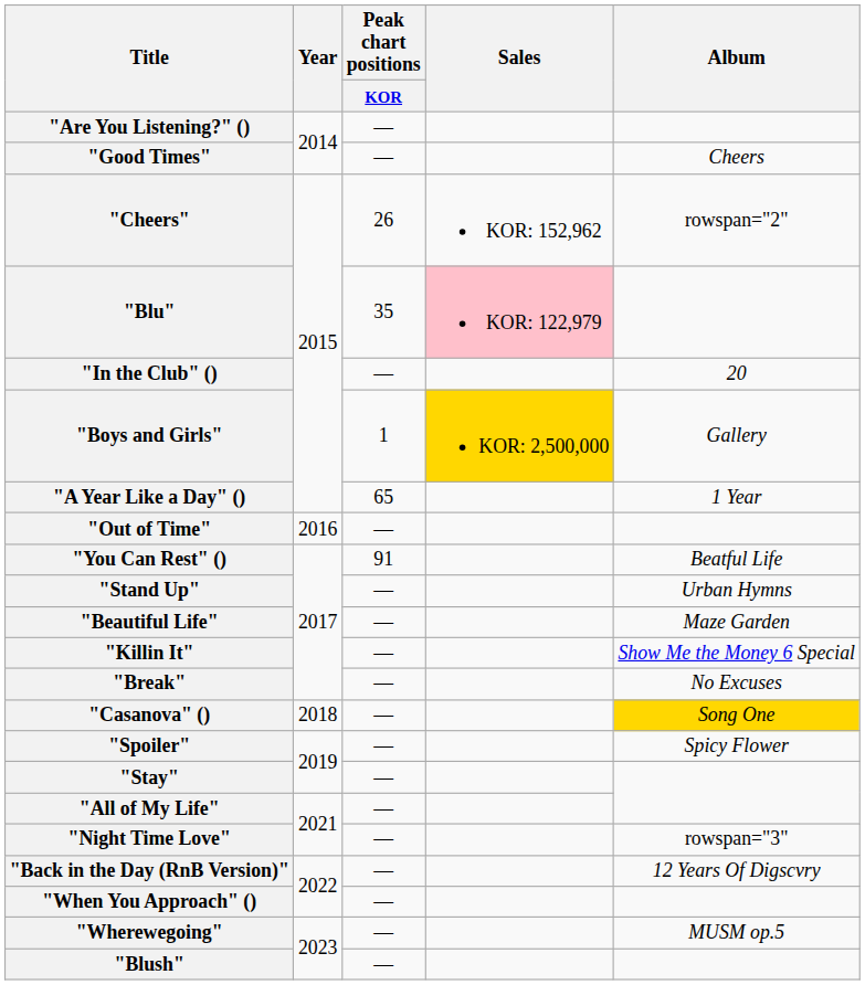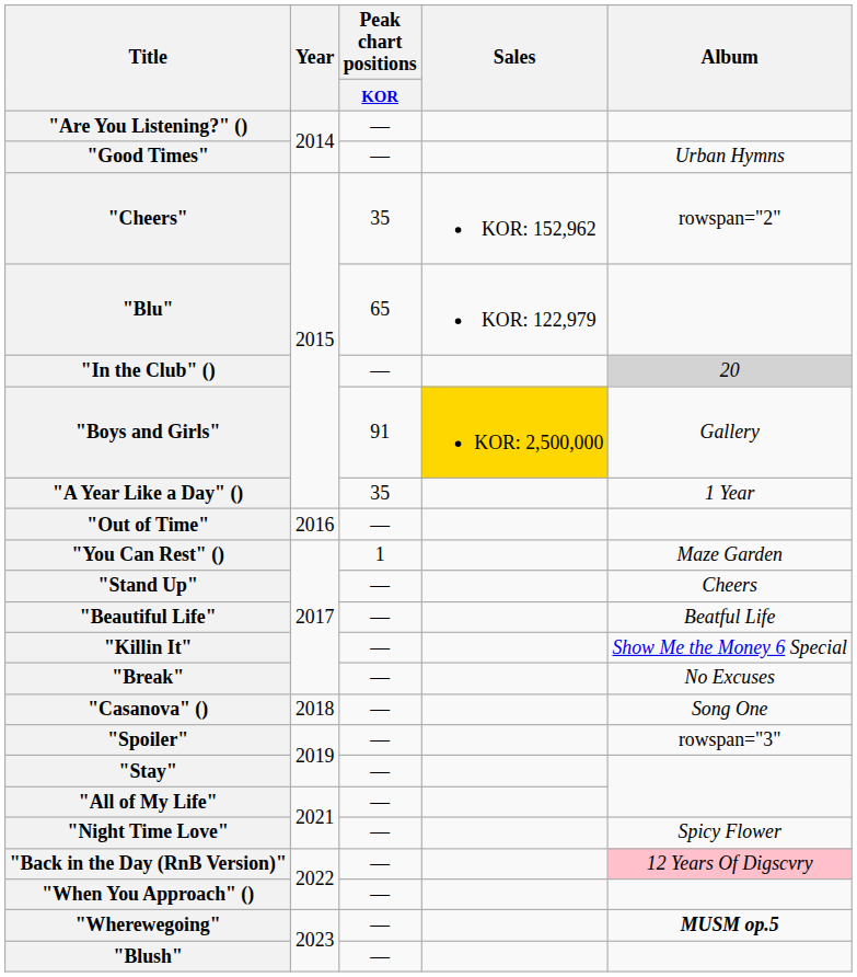 <table class="wikitable plainrowheaders" style="text-align:center;">
 <tr>
 <th scope="col" rowspan="2">Title</th>
 <th scope="col" rowspan="2">Year</th>
 <th scope="col" style="width:3em;">Peak chart positions</th>
 <th scope="col" rowspan="2">Sales</th>
 <th scope="col" rowspan="2">Album</th>
 </tr>
 <tr>
 <th><small><a href='#'>KOR</a></small><br></th>
 </tr>
 <tr>
 <th scope="row">"Are You Listening?" ()<br></th>
 <td rowspan="2">2014</td>
 <td>—</td>
 <td></td>
 <td></td>
 </tr>
 <tr>
 <th scope="row">"Good Times"<br></th>
 <td>—</td>
 <td></td>
-<td><em>Cheers</em></td>
+<td><em>Urban Hymns</em></td>
 </tr>
 <tr>
 <th scope="row">"Cheers"<br></th>
 <td rowspan="5">2015</td>
-<td>26</td>
+<td>35</td>
 <td><br><ul><li>KOR: 152,962</li></ul></td>
 <td>rowspan="2" </td>
 </tr>
 <tr>
 <th scope="row">"Blu"<br></th>
-<td>35</td>
-<td style="background: pink;"><br><ul><li>KOR: 122,979</li></ul></td>
+<td>65</td>
+<td><br><ul><li>KOR: 122,979</li></ul></td>
 </tr>
 <tr>
 <th scope="row">"In the Club" ()<br></th>
 <td>—</td>
 <td></td>
-<td><em>20</em></td>
+<td style="background: lightgrey;"><em>20</em></td>
 </tr>
 <tr>
 <th scope="row">"Boys and Girls"<br></th>
-<td>1</td>
+<td>91</td>
 <td style="background: gold;"><br><ul><li>KOR: 2,500,000</li></ul></td>
 <td><em>Gallery</em></td>
 </tr>
 <tr>
 <th scope="row">"A Year Like a Day" ()<br></th>
-<td>65</td>
+<td>35</td>
 <td></td>
 <td><em>1 Year</em></td>
 </tr>
 <tr>
 <th scope="row">"Out of Time"<br></th>
 <td>2016</td>
 <td>—</td>
 <td></td>
 <td></td>
 </tr>
 <tr>
 <th scope="row">"You Can Rest" ()<br></th>
 <td rowspan="5">2017</td>
-<td>91</td>
+<td>1</td>
 <td></td>
-<td><em>Beatful Life</em></td>
+<td><em>Maze Garden</em></td>
 </tr>
 <tr>
 <th scope="row">"Stand Up"<br></th>
 <td>—</td>
 <td></td>
-<td><em>Urban Hymns</em></td>
+<td><em>Cheers</em></td>
 </tr>
 <tr>
 <th scope="row">"Beautiful Life"<br></th>
 <td>—</td>
 <td></td>
-<td><em>Maze Garden</em></td>
+<td><em>Beatful Life</em></td>
 </tr>
 <tr>
 <th scope="row">"Killin It"<br></th>
 <td>—</td>
 <td></td>
 <td><em><a href='#'>Show Me the Money 6</a> Special</em></td>
 </tr>
 <tr>
 <th scope="row">"Break"<br></th>
 <td>—</td>
 <td></td>
 <td><em>No Excuses</em></td>
 </tr>
 <tr>
 <th scope="row">"Casanova" ()<br></th>
 <td>2018</td>
 <td>—</td>
 <td></td>
-<td style="background: gold;"><em>Song One</em></td>
+<td><em>Song One</em></td>
 </tr>
 <tr>
 <th scope="row">"Spoiler"<br></th>
 <td rowspan="2">2019</td>
 <td>—</td>
 <td></td>
-<td><em>Spicy Flower</em></td>
+<td>rowspan="3" </td>
 </tr>
 <tr>
 <th scope="row">"Stay"<br></th>
 <td>—</td>
 <td></td>
 </tr>
 <tr>
 <th scope="row">"All of My Life"<br></th>
 <td rowspan="2">2021</td>
 <td>—</td>
 <td></td>
 </tr>
 <tr>
 <th scope="row">"Night Time Love"<br></th>
 <td>—</td>
 <td></td>
-<td>rowspan="3" </td>
+<td><em>Spicy Flower</em></td>
 </tr>
 <tr>
 <th scope="row">"Back in the Day (RnB Version)"<br></th>
 <td rowspan="2">2022</td>
 <td>—</td>
 <td></td>
-<td><em>12 Years Of Digscvry</em></td>
+<td style="background: pink;"><em>12 Years Of Digscvry</em></td>
 </tr>
 <tr>
 <th scope="row">"When You Approach" ()<br></th>
 <td>—</td>
 <td></td>
 <td></td>
 </tr>
 <tr>
 <th scope="row">"Wherewegoing"<br></th>
 <td rowspan="2">2023</td>
 <td>—</td>
 <td></td>
-<td><em>MUSM op.5</em></td>
+<td><strong><em>MUSM op.5</em></strong></td>
 </tr>
 <tr>
 <th scope="row">"Blush"<br></th>
 <td>—</td>
 <td></td>
 <td></td>
 </tr>
 </table>
